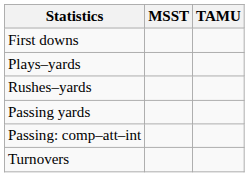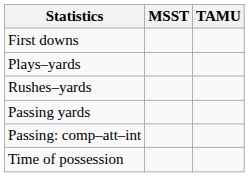 <table class="wikitable" style="float:left">
 <tr>
 <th>Statistics</th>
 <th>MSST</th>
 <th>TAMU</th>
 </tr>
 <tr>
 <td>First downs</td>
 <td></td>
 <td></td>
 </tr>
 <tr>
 <td>Plays–yards</td>
 <td></td>
 <td></td>
 </tr>
 <tr>
 <td>Rushes–yards</td>
 <td></td>
 <td></td>
 </tr>
 <tr>
 <td>Passing yards</td>
 <td></td>
 <td></td>
 </tr>
 <tr>
 <td>Passing: comp–att–int</td>
 <td></td>
 <td></td>
 </tr>
 <tr>
-<td>Turnovers</td>
+<td>Time of possession</td>
 <td></td>
 <td></td>
 </tr>
 </table>
